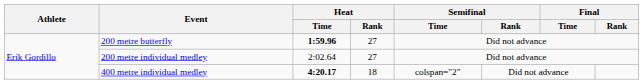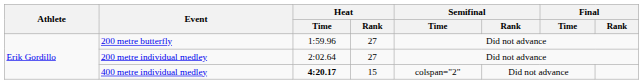 <table class="wikitable" style="text-align:center; font-size:90%; width:50%;">
 <tr>
 <th rowspan="2">Athlete</th>
 <th rowspan="2">Event</th>
 <th colspan="2">Heat</th>
 <th colspan="2">Semifinal</th>
 <th colspan="2">Final</th>
 </tr>
 <tr style="font-size:95%">
 <th>Time</th>
 <th>Rank</th>
 <th>Time</th>
 <th>Rank</th>
 <th>Time</th>
 <th>Rank</th>
 </tr>
 <tr>
 <td align=left rowspan=3><a href='#'>Erik Gordillo</a></td>
 <td align=left><a href='#'>200 metre butterfly</a></td>
-<td><strong>1:59.96</strong></td>
+<td>1:59.96</td>
 <td>27</td>
 <td colspan=4>Did not advance</td>
 </tr>
 <tr>
 <td align=left><a href='#'>200 metre individual medley</a></td>
 <td>2:02.64</td>
 <td>27</td>
 <td colspan=4>Did not advance</td>
 </tr>
 <tr>
 <td align=left><a href='#'>400 metre individual medley</a></td>
 <td><strong>4:20.17</strong></td>
-<td>18</td>
+<td>15</td>
 <td>colspan="2" </td>
 <td colspan="2">Did not advance</td>
 </tr>
 </table>
